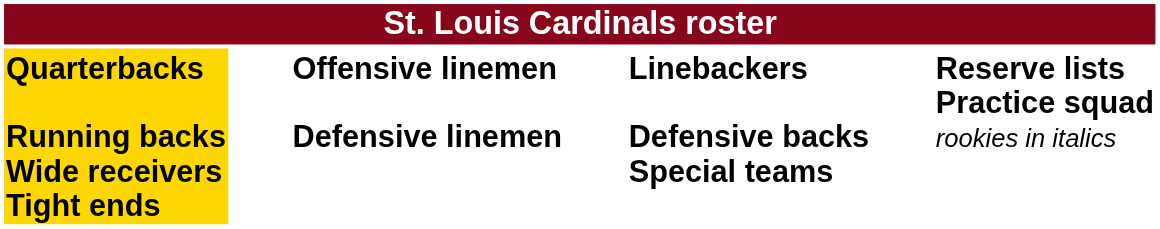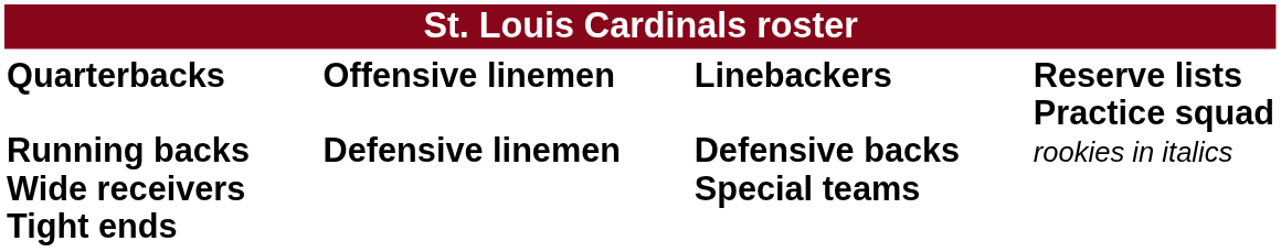 <table class="toccolours" style="text-align: left;">
 <tr>
 <th colspan="9" style="background-color: #870619; color: white; text-align: center;"><strong>St. Louis Cardinals roster</strong></th>
 </tr>
 <tr>
-<td style="background: gold; font-size: 95%;" valign="top"><strong>Quarterbacks</strong><br>  <br><strong>Running backs</strong>        <br><strong>Wide receivers</strong>  <br><strong>Tight ends</strong>   </td>
+<td style="font-size: 95%;" valign="top"><strong>Quarterbacks</strong><br>  <br><strong>Running backs</strong>        <br><strong>Wide receivers</strong>  <br><strong>Tight ends</strong>   </td>
 <td style="width: 25px;"></td>
 <td style="font-size: 95%;" valign="top"><strong>Offensive linemen</strong><br>       <br><strong>Defensive linemen</strong>      </td>
 <td style="width: 25px;"></td>
 <td style="font-size: 95%;" valign="top"><strong>Linebackers</strong><br>    <br><strong>Defensive backs</strong>       <br><strong>Special teams</strong>   </td>
 <td style="width: 25px;"></td>
 <td style="font-size: 95%;" valign="top"><strong>Reserve lists</strong><br><strong>Practice squad</strong><br><small><em>rookies in italics</em></small><br></td>
 </tr>
 <tr>
 </tr>
 </table>
